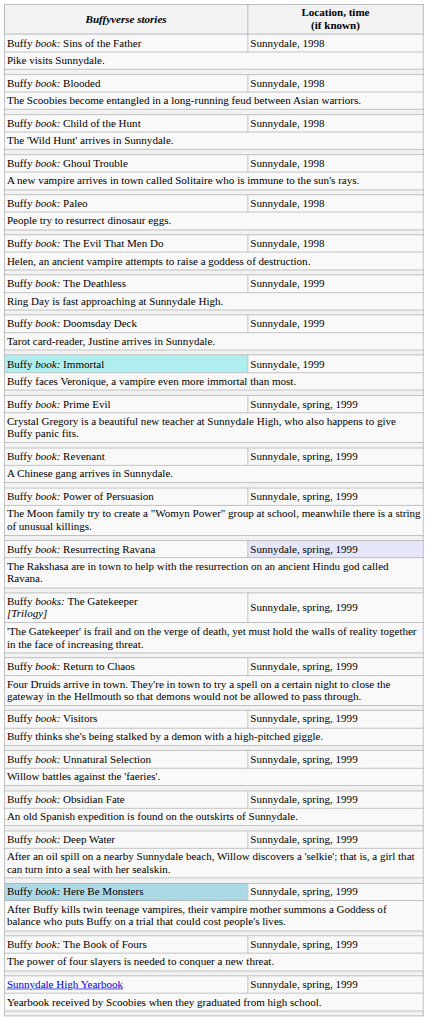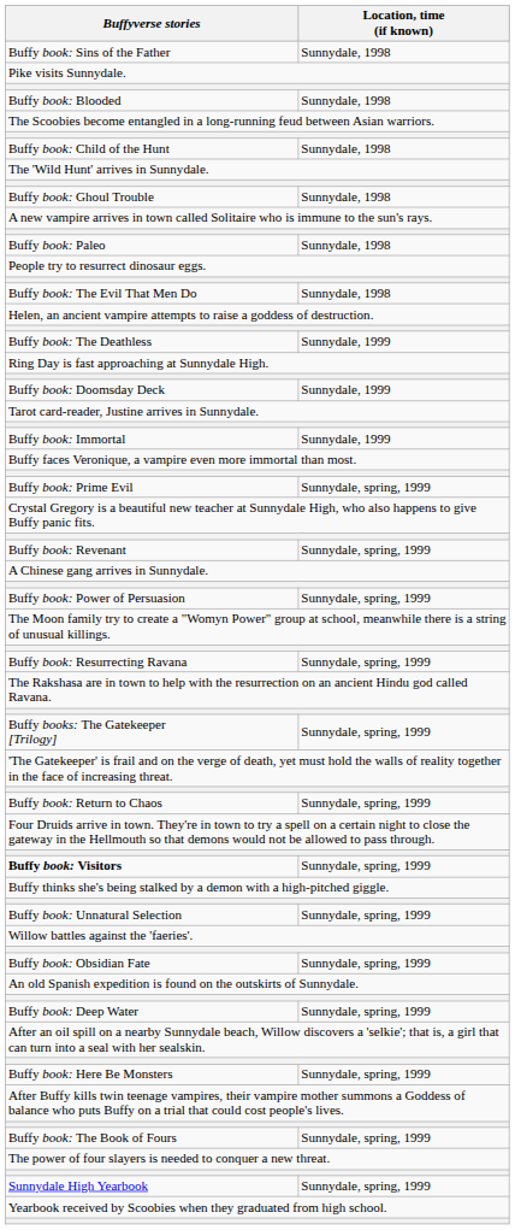 <table class="wikitable">
 <tr bgcolor="lightsteelblue" align=left>
 <th><strong><em>Buffyverse<em> stories<strong></th>
 <th></strong>Location, time<strong> <br>  (if known)</th>
 </tr>
 <tr>
 <td></em>Buffy<em> book: </em>Sins of the Father<em></td>
 <td>Sunnydale, 1998</td>
 </tr>
 <tr>
 <td colspan="4">Pike visits Sunnydale.</td>
 </tr>
 <tr>
 <td colspan="6" bgcolor="#f2f2f2"></td>
 </tr>
 <tr>
 <td></em>Buffy<em> book: </em>Blooded<em></td>
 <td>Sunnydale, 1998</td>
 </tr>
 <tr>
 <td colspan="4">The Scoobies become entangled in a long-running feud between Asian warriors.</td>
 </tr>
 <tr>
 <td colspan="6" bgcolor="#f2f2f2"></td>
 </tr>
 <tr>
 <td></em>Buffy<em> book: </em>Child of the Hunt<em></td>
 <td>Sunnydale, 1998</td>
 </tr>
 <tr>
 <td colspan="4">The 'Wild Hunt' arrives in Sunnydale.</td>
 </tr>
 <tr>
 <td colspan="6" bgcolor="#f2f2f2"></td>
 </tr>
 <tr>
 <td></em>Buffy<em> book: </em>Ghoul Trouble<em></td>
 <td>Sunnydale, 1998</td>
 </tr>
 <tr>
 <td colspan="4">A new vampire arrives in town called Solitaire who is immune to the sun's rays.</td>
 </tr>
 <tr>
 <td colspan="6" bgcolor="#f2f2f2"></td>
 </tr>
 <tr>
 <td></em>Buffy<em> book: </em>Paleo<em></td>
 <td>Sunnydale, 1998</td>
 </tr>
 <tr>
 <td colspan="4">People try to resurrect dinosaur eggs.</td>
 </tr>
 <tr>
 <td colspan="6" bgcolor="#f2f2f2"></td>
 </tr>
 <tr>
 <td></em>Buffy<em> book: </em>The Evil That Men Do<em></td>
 <td>Sunnydale, 1998</td>
 </tr>
 <tr>
 <td colspan="4">Helen, an ancient vampire attempts to raise a goddess of destruction.</td>
 </tr>
 <tr>
 <td colspan="6" bgcolor="#f2f2f2"></td>
 </tr>
 <tr>
 <td></em>Buffy<em> book: </em>The Deathless<em></td>
 <td>Sunnydale, 1999</td>
 </tr>
 <tr>
 <td colspan="4">Ring Day is fast approaching at Sunnydale High.</td>
 </tr>
 <tr>
 <td colspan="6" bgcolor="#f2f2f2"></td>
 </tr>
 <tr>
 <td></em>Buffy<em> book: </em>Doomsday Deck<em></td>
 <td>Sunnydale, 1999</td>
 </tr>
 <tr>
 <td colspan="4">Tarot card-reader, Justine arrives in Sunnydale.</td>
 </tr>
 <tr>
 <td colspan="6" bgcolor="#f2f2f2"></td>
 </tr>
 <tr>
-<td style="background: paleturquoise;"></em>Buffy<em> book: </em>Immortal<em></td>
+<td></em>Buffy<em> book: </em>Immortal<em></td>
 <td>Sunnydale, 1999</td>
 </tr>
 <tr>
 <td colspan="4">Buffy faces Veronique, a vampire even more immortal than most.</td>
 </tr>
 <tr>
 <td colspan="6" bgcolor="#f2f2f2"></td>
 </tr>
 <tr>
 <td></em>Buffy<em> book: </em>Prime Evil<em></td>
 <td>Sunnydale, spring, 1999</td>
 </tr>
 <tr>
 <td colspan="4">Crystal Gregory is a beautiful new teacher at Sunnydale High, who also happens to give Buffy panic fits.</td>
 </tr>
 <tr>
 <td colspan="6" bgcolor="#f2f2f2"></td>
 </tr>
 <tr>
 <td></em>Buffy<em> book: </em>Revenant<em></td>
 <td>Sunnydale, spring, 1999</td>
 </tr>
 <tr>
 <td colspan="4">A Chinese gang arrives in Sunnydale.</td>
 </tr>
 <tr>
 <td colspan="6" bgcolor="#f2f2f2"></td>
 </tr>
 <tr>
 <td></em>Buffy<em> book: </em>Power of Persuasion<em></td>
 <td>Sunnydale, spring, 1999</td>
 </tr>
 <tr>
 <td colspan="4">The Moon family try to create a "Womyn Power" group at school, meanwhile there is a string of unusual killings.</td>
 </tr>
 <tr>
 <td colspan="6" bgcolor="#f2f2f2"></td>
 </tr>
 <tr>
 <td></em>Buffy<em> book: </em>Resurrecting Ravana<em></td>
-<td style="background: lavender;">Sunnydale, spring, 1999</td>
+<td>Sunnydale, spring, 1999</td>
 </tr>
 <tr>
 <td colspan="4">The Rakshasa are in town to help with the resurrection on an ancient Hindu god called Ravana.</td>
 </tr>
 <tr>
 <td colspan="6" bgcolor="#f2f2f2"></td>
 </tr>
 <tr>
 <td></em>Buffy<em> books: </em>The Gatekeeper<em> <br>[Trilogy]</td>
 <td>Sunnydale, spring, 1999</td>
 </tr>
 <tr>
 <td colspan="4">'The Gatekeeper' is frail and on the verge of death, yet must hold the walls of reality together in the face of increasing threat.</td>
 </tr>
 <tr>
 <td colspan="6" bgcolor="#f2f2f2"></td>
 </tr>
 <tr>
 <td></em>Buffy<em> book: </em>Return to Chaos<em></td>
 <td>Sunnydale, spring, 1999</td>
 </tr>
 <tr>
 <td colspan="4">Four Druids arrive in town. They're in town to try a spell on a certain night to close the gateway in the Hellmouth so that demons would not be allowed to pass through.</td>
 </tr>
 <tr>
 <td colspan="6" bgcolor="#f2f2f2"></td>
 </tr>
 <tr>
-<td></em>Buffy<em> book: </em>Visitors<em></td>
+<td><strong></em>Buffy<em> book: </em>Visitors<em></strong></td>
 <td>Sunnydale, spring, 1999</td>
 </tr>
 <tr>
 <td colspan="4">Buffy thinks she's being stalked by a demon with a high-pitched giggle.</td>
 </tr>
 <tr>
 <td colspan="6" bgcolor="#f2f2f2"></td>
 </tr>
 <tr>
 <td></em>Buffy<em> book: </em>Unnatural Selection<em></td>
 <td>Sunnydale, spring, 1999</td>
 </tr>
 <tr>
 <td colspan="4">Willow battles against the 'faeries'.</td>
 </tr>
 <tr>
 <td colspan="6" bgcolor="#f2f2f2"></td>
 </tr>
 <tr>
 <td></em>Buffy<em> book: </em>Obsidian Fate<em></td>
 <td>Sunnydale, spring, 1999</td>
 </tr>
 <tr>
 <td colspan="4">An old Spanish expedition is found on the outskirts of Sunnydale.</td>
 </tr>
 <tr>
 <td colspan="6" bgcolor="#f2f2f2"></td>
 </tr>
 <tr>
 <td></em>Buffy<em> book: </em>Deep Water<em></td>
 <td>Sunnydale, spring, 1999</td>
 </tr>
 <tr>
 <td colspan="4">After an oil spill on a nearby Sunnydale beach, Willow discovers a 'selkie'; that is, a girl that can turn into a seal with her sealskin.</td>
 </tr>
 <tr>
 <td colspan="6" bgcolor="#f2f2f2"></td>
 </tr>
 <tr>
-<td style="background: lightblue;"></em>Buffy<em> book: </em>Here Be Monsters<em></td>
+<td></em>Buffy<em> book: </em>Here Be Monsters<em></td>
 <td>Sunnydale, spring, 1999</td>
 </tr>
 <tr>
 <td colspan="4">After Buffy kills twin teenage vampires, their vampire mother summons a Goddess of balance who puts Buffy on a trial that could cost people's lives.</td>
 </tr>
 <tr>
 <td colspan="6" bgcolor="#f2f2f2"></td>
 </tr>
 <tr>
 <td></em>Buffy<em> book: </em>The Book of Fours<em></td>
 <td>Sunnydale, spring, 1999</td>
 </tr>
 <tr>
 <td colspan="4">The power of four slayers is needed to conquer a new threat.</td>
 </tr>
 <tr>
 <td colspan="6" bgcolor="#f2f2f2"></td>
 </tr>
 <tr>
 <td><a href='#'>Sunnydale High Yearbook</a></td>
 <td>Sunnydale, spring, 1999</td>
 </tr>
 <tr>
 <td colspan="4">Yearbook received by Scoobies when they graduated from high school.</td>
 </tr>
 <tr>
 <td colspan="6" bgcolor="#f2f2f2"></td>
 </tr>
 </table>
